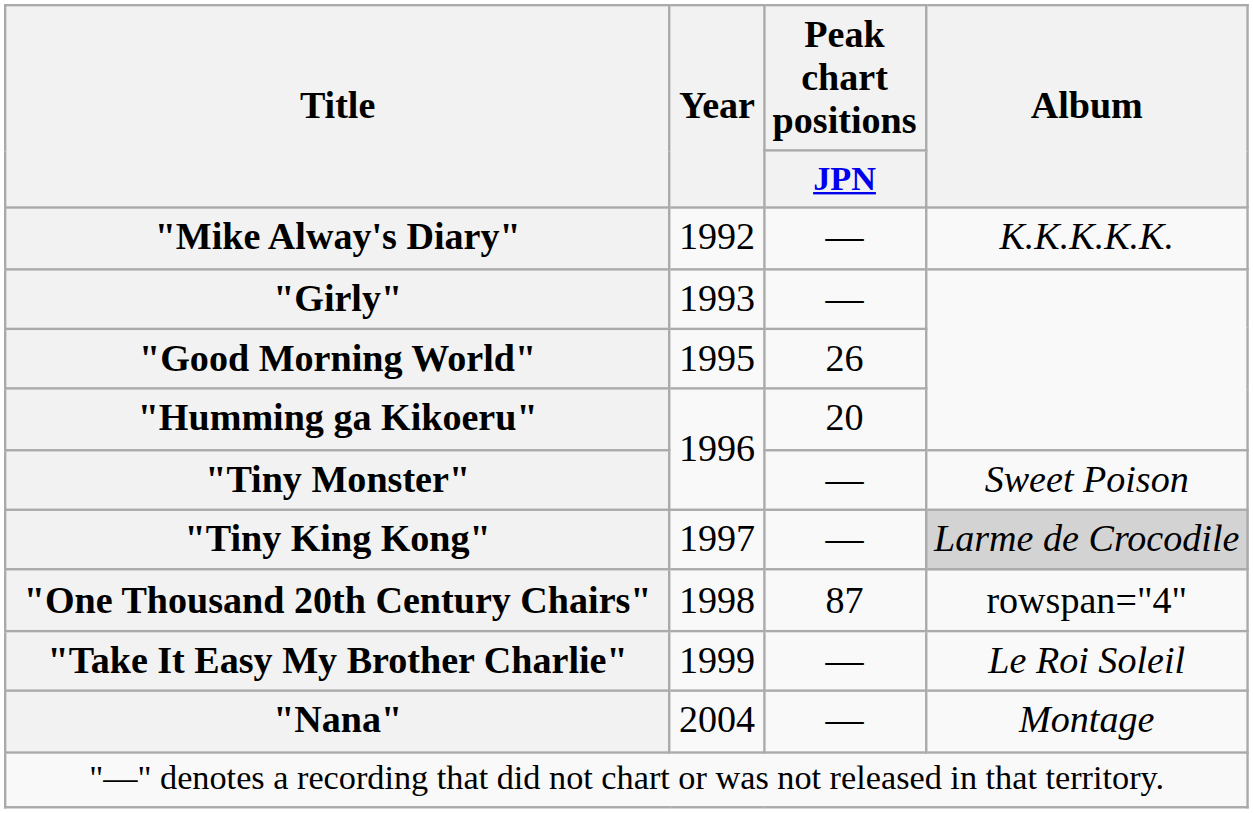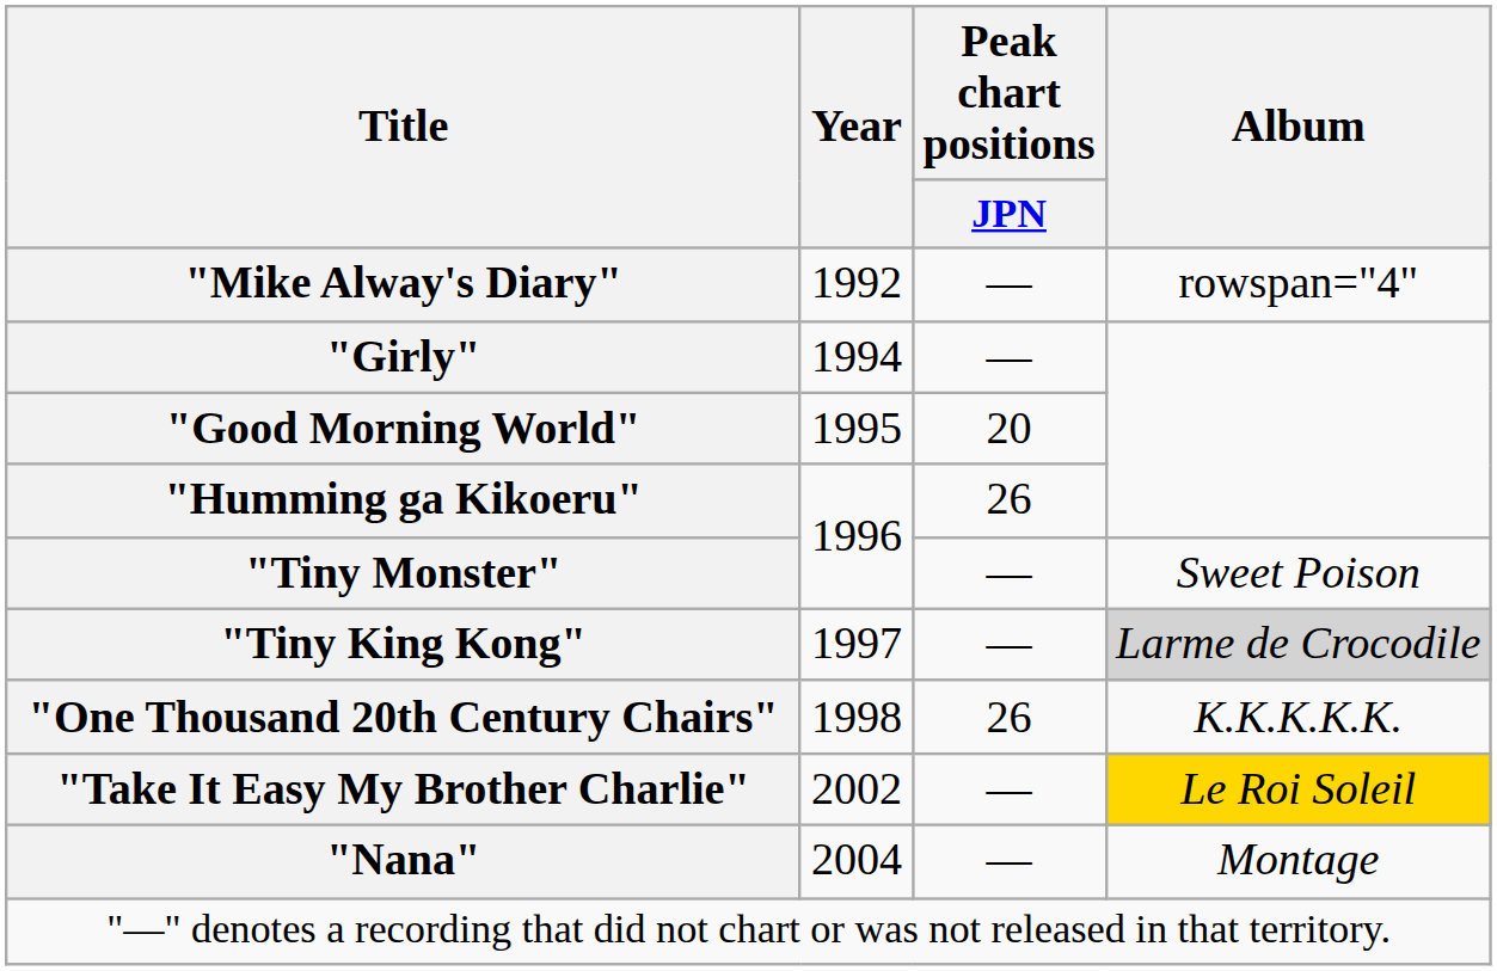 <table class="wikitable plainrowheaders" style="text-align:center;">
 <tr>
 <th scope="col" rowspan="2" style="width:17em;">Title</th>
 <th scope="col" rowspan="2">Year</th>
 <th scope="col" colspan="1">Peak chart positions</th>
 <th scope="col" rowspan="2">Album</th>
 </tr>
 <tr>
 <th scope="col" style="width:2.5em;font-size:90%;"><a href='#'>JPN</a><br></th>
 </tr>
 <tr>
 <th scope="row">"Mike Alway's Diary"<br></th>
 <td>1992</td>
 <td>—</td>
-<td><em>K.K.K.K.K.</em></td>
+<td>rowspan="4" </td>
 </tr>
 <tr>
 <th scope="row">"Girly"</th>
-<td>1993</td>
+<td>1994</td>
 <td>—</td>
 </tr>
 <tr>
 <th scope="row">"Good Morning World"</th>
 <td>1995</td>
-<td>26</td>
+<td>20</td>
 </tr>
 <tr>
 <th scope="row">"Humming ga Kikoeru"</th>
 <td rowspan="2">1996</td>
-<td>20</td>
+<td>26</td>
 </tr>
 <tr>
 <th scope="row">"Tiny Monster"<br></th>
 <td>—</td>
 <td><em>Sweet Poison</em></td>
 </tr>
 <tr>
 <th scope="row">"Tiny King Kong"</th>
 <td>1997</td>
 <td>—</td>
 <td style="background: lightgrey;"><em>Larme de Crocodile</em></td>
 </tr>
 <tr>
 <th scope="row">"One Thousand 20th Century Chairs"</th>
 <td>1998</td>
-<td>87</td>
-<td>rowspan="4" </td>
+<td>26</td>
+<td><em>K.K.K.K.K.</em></td>
 </tr>
 <tr>
 <th scope="row">"Take It Easy My Brother Charlie"</th>
-<td>1999</td>
+<td>2002</td>
 <td>—</td>
-<td><em>Le Roi Soleil</em></td>
+<td style="background: gold;"><em>Le Roi Soleil</em></td>
 </tr>
 <tr>
 <th scope="row">"Nana"</th>
 <td>2004</td>
 <td>—</td>
 <td><em>Montage</em></td>
 </tr>
 <tr>
 <td colspan="4" style="font-size:90%">"—" denotes a recording that did not chart or was not released in that territory.</td>
 </tr>
 </table>
